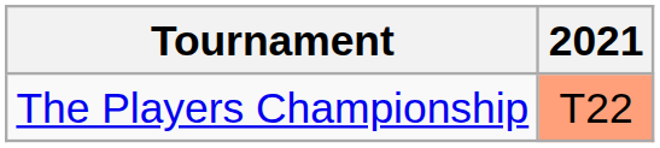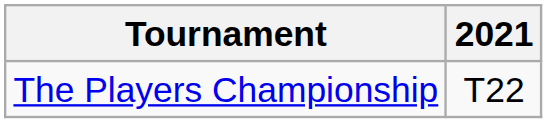 <table class="wikitable" style="font-size:95%;text-align:center;">
 <tr>
 <th>Tournament</th>
 <th>2021</th>
 </tr>
 <tr>
 <td align=left><a href='#'>The Players Championship</a></td>
-<td style="background: lightsalmon;">T22</td>
+<td>T22</td>
 </tr>
 </table>
